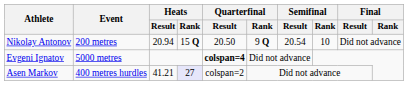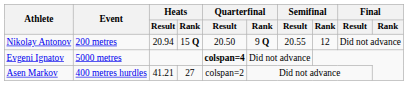 <table class="wikitable" style="font-size:90%">
 <tr>
 <th rowspan="2">Athlete</th>
 <th rowspan="2">Event</th>
 <th colspan="2">Heats</th>
 <th colspan="2">Quarterfinal</th>
 <th colspan="2">Semifinal</th>
 <th colspan="2">Final</th>
 </tr>
 <tr style="font-size:95%">
 <th>Result</th>
 <th>Rank</th>
 <th>Result</th>
 <th>Rank</th>
 <th>Result</th>
 <th>Rank</th>
 <th>Result</th>
 <th>Rank</th>
 </tr>
 <tr align=center>
 <td align=left><a href='#'>Nikolay Antonov</a></td>
 <td align=left><a href='#'>200 metres</a></td>
 <td>20.94</td>
 <td>15 <strong>Q</strong></td>
 <td>20.50</td>
 <td>9 <strong>Q</strong></td>
-<td>20.54</td>
-<td>10</td>
+<td>20.55</td>
+<td>12</td>
 <td colspan=2>Did not advance</td>
 </tr>
 <tr align=center>
 <td align=left><a href='#'>Evgeni Ignatov</a></td>
 <td align=left><a href='#'>5000 metres</a></td>
 <td colspan=2></td>
 <td><strong>colspan=4</strong></td>
 <td colspan=2>Did not advance</td>
 </tr>
 <tr align=center>
 <td align=left><a href='#'>Asen Markov</a></td>
 <td align=left><a href='#'>400 metres hurdles</a></td>
 <td>41.21</td>
-<td style="background: lavender;">27</td>
+<td>27</td>
 <td>colspan=2</td>
 <td colspan=4>Did not advance</td>
 </tr>
 </table>
